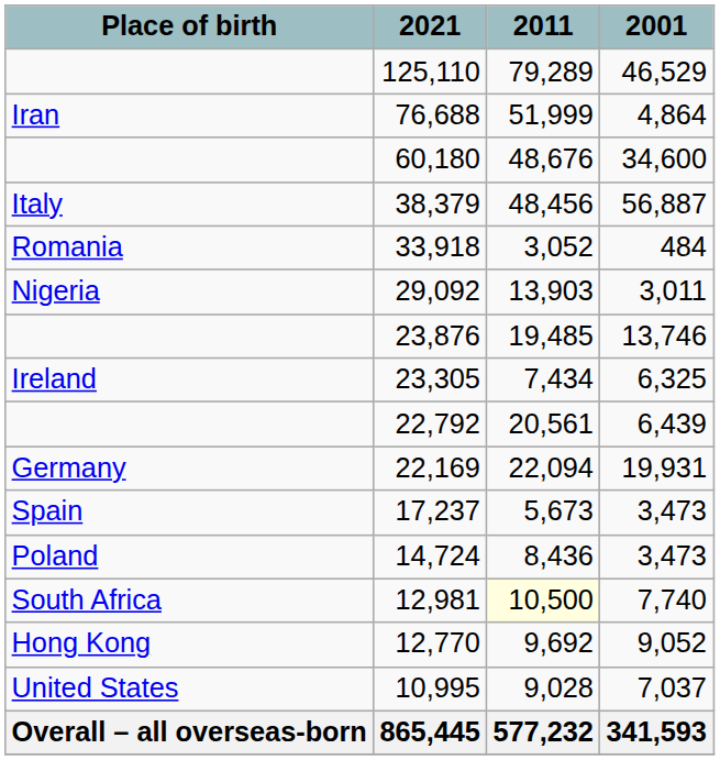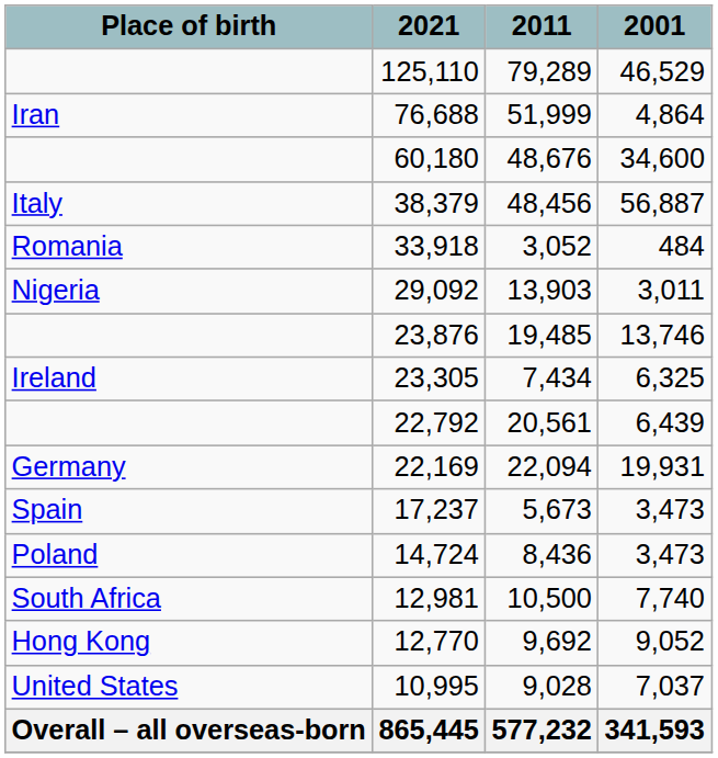 <table class="wikitable collapsible sortable">
 <tr>
 <th style="text-align:center; background:#9dbec3;">Place of birth</th>
 <th style="text-align:center; background:#9dbec3;">2021</th>
 <th style="text-align:center; background:#9dbec3;">2011</th>
 <th style="text-align:center; background:#9dbec3;">2001</th>
 </tr>
 <tr>
 <td border = "1"></td>
 <td align="right">125,110</td>
 <td align="right">79,289</td>
 <td align="right">46,529</td>
 </tr>
 <tr>
 <td border = "1"> <a href='#'>Iran</a></td>
 <td align="right">76,688</td>
 <td align="right">51,999</td>
 <td align="right">4,864</td>
 </tr>
 <tr>
 <td border = "1"></td>
 <td align="right">60,180</td>
 <td align="right">48,676</td>
 <td align="right">34,600</td>
 </tr>
 <tr>
 <td border = "1"> <a href='#'>Italy</a></td>
 <td align="right">38,379</td>
 <td align="right">48,456</td>
 <td align="right">56,887</td>
 </tr>
 <tr>
 <td border = "1"> <a href='#'>Romania</a></td>
 <td align="right">33,918</td>
 <td align="right">3,052</td>
 <td align="right">484</td>
 </tr>
 <tr>
 <td border = "1"> <a href='#'>Nigeria</a></td>
 <td align="right">29,092</td>
 <td align="right">13,903</td>
 <td align="right">3,011</td>
 </tr>
 <tr>
 <td border = "1"></td>
 <td align="right">23,876</td>
 <td align="right">19,485</td>
 <td align="right">13,746</td>
 </tr>
 <tr>
 <td border = "1"> <a href='#'>Ireland</a></td>
 <td align="right">23,305</td>
 <td align="right">7,434</td>
 <td align="right">6,325</td>
 </tr>
 <tr>
 <td border = "1"></td>
 <td align="right">22,792</td>
 <td align="right">20,561</td>
 <td align="right">6,439</td>
 </tr>
 <tr>
 <td border = "1"> <a href='#'>Germany</a></td>
 <td align="right">22,169</td>
 <td align="right">22,094</td>
 <td align="right">19,931</td>
 </tr>
 <tr>
 <td border = "1"> <a href='#'>Spain</a></td>
 <td align="right">17,237</td>
 <td align="right">5,673</td>
 <td align="right">3,473</td>
 </tr>
 <tr>
 <td border = "1"> <a href='#'>Poland</a></td>
 <td align="right">14,724</td>
 <td align="right">8,436</td>
 <td align="right">3,473</td>
 </tr>
 <tr>
 <td border = "1"> <a href='#'>South Africa</a></td>
 <td align="right">12,981</td>
-<td align="right" style="background: lightyellow;">10,500</td>
+<td align="right">10,500</td>
 <td align="right">7,740</td>
 </tr>
 <tr>
 <td border = "1"> <a href='#'>Hong Kong</a></td>
 <td align="right">12,770</td>
 <td align="right">9,692</td>
 <td align="right">9,052</td>
 </tr>
 <tr>
 <td border = "1"> <a href='#'>United States</a></td>
 <td align="right">10,995</td>
 <td align="right">9,028</td>
 <td align="right">7,037</td>
 </tr>
 <tr>
 <th border = "1">Overall – all overseas-born</th>
 <th align="right">865,445</th>
 <th align="right">577,232</th>
 <th align="right">341,593</th>
 </tr>
 <tr>
 </tr>
 </table>
